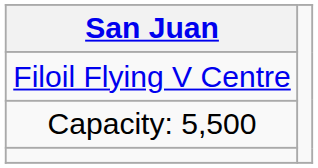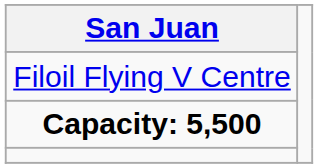 <table class="wikitable" style="text-align:center; margin:1em auto;">
 <tr>
 <th><a href='#'>San Juan</a></th>
 <td rowspan=4></td>
 </tr>
 <tr>
 <td><a href='#'>Filoil Flying V Centre</a></td>
 </tr>
 <tr>
-<td>Capacity: 5,500</td>
+<td><strong>Capacity: 5,500</strong></td>
 </tr>
 <tr>
 <td></td>
 </tr>
 </table>
